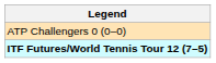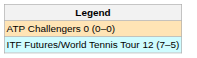 <table class=wikitable style=font-size:97%>
 <tr>
 <th>Legend</th>
 </tr>
 <tr style="background:moccasin;">
 <td>ATP Challengers 0 (0–0)</td>
 </tr>
 <tr style="background:#cffcff;">
-<td><strong>ITF Futures/World Tennis Tour 12 (7–5)</strong></td>
+<td>ITF Futures/World Tennis Tour 12 (7–5)</td>
 </tr>
 </table>
